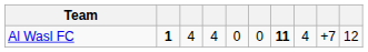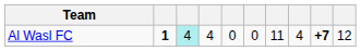 <table class="wikitable" style="text-align: center;">
 <tr>
 <th width="175">Team</th>
 <th width="20"></th>
 <th width="20"></th>
 <th width="20"></th>
 <th width="20"></th>
 <th width="20"></th>
 <th width="20"></th>
 <th width="20"></th>
 <th width="20"></th>
 <th width="20"></th>
 </tr>
 <tr>
 <td align=left> <a href='#'>Al Wasl FC</a></td>
 <td><strong>1</strong></td>
-<td>4</td>
+<td style="background: paleturquoise;">4</td>
 <td>4</td>
 <td>0</td>
 <td>0</td>
-<td><strong>11</strong></td>
+<td>11</td>
 <td>4</td>
-<td>+7</td>
+<td><strong>+7</strong></td>
 <td>12</td>
 </tr>
 </table>
